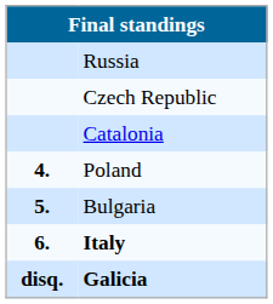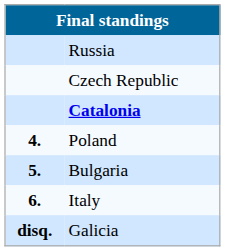 <table align=center cellpadding="4" cellspacing="0" style="background: #f9f9f9; border: 1px #aaa solid; border-collapse: collapse; font-size: 90%;" width=180>
 <tr align=center bgcolor=#006699 style="color:white;">
 <th width=100% colspan=2>Final standings</th>
 </tr>
 <tr align=center bgcolor=#D0E7FF>
 <td></td>
 <td align=left> Russia</td>
 </tr>
 <tr align=center bgcolor=#f5faff>
 <td></td>
 <td align=left> Czech Republic</td>
 </tr>
 <tr align=center bgcolor=#D0E7FF>
 <td></td>
-<td align=left> <a href='#'>Catalonia</a></td>
+<td align=left><strong> <a href='#'>Catalonia</a></strong></td>
 </tr>
 <tr align=center bgcolor=#f5faff>
 <td><strong>4.</strong></td>
 <td align=left> Poland</td>
 </tr>
 <tr align=center bgcolor=#D0E7FF>
 <td><strong>5.</strong></td>
 <td align=left> Bulgaria</td>
 </tr>
 <tr align=center bgcolor=#f5faff>
 <td><strong>6.</strong></td>
-<td align=left><strong> Italy</strong></td>
+<td align=left> Italy</td>
 </tr>
 <tr align=center bgcolor=#D0E7FF>
 <td><strong>disq.</strong></td>
-<td align=left><strong> Galicia</strong></td>
+<td align=left> Galicia</td>
 </tr>
 </table>
